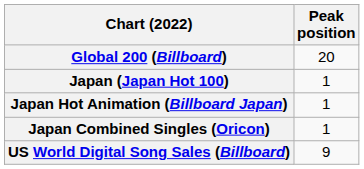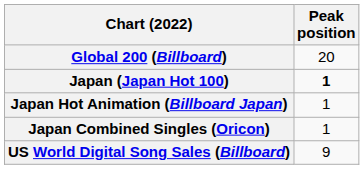 <table class="wikitable sortable plainrowheaders" style="text-align:center">
 <tr>
 <th>Chart (2022)</th>
 <th>Peak<br>position</th>
 </tr>
 <tr>
 <th scope="row"><a href='#'>Global 200</a> (<em><a href='#'>Billboard</a></em>)</th>
 <td>20</td>
 </tr>
 <tr>
 <th scope="row">Japan (<a href='#'>Japan Hot 100</a>)</th>
-<td>1</td>
+<td><strong>1</strong></td>
 </tr>
 <tr>
 <th scope="row">Japan Hot Animation (<em><a href='#'>Billboard Japan</a></em>)</th>
 <td>1</td>
 </tr>
 <tr>
 <th scope="row">Japan Combined Singles (<a href='#'>Oricon</a>)</th>
 <td>1</td>
 </tr>
 <tr>
 <th scope="row">US <a href='#'>World Digital Song Sales</a> (<em><a href='#'>Billboard</a></em>)</th>
 <td>9</td>
 </tr>
 </table>
